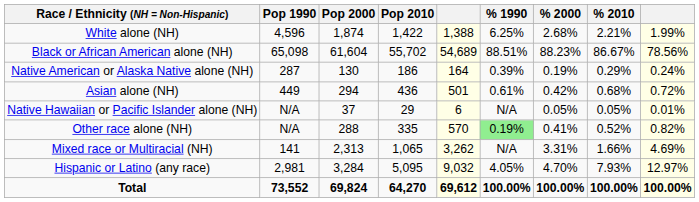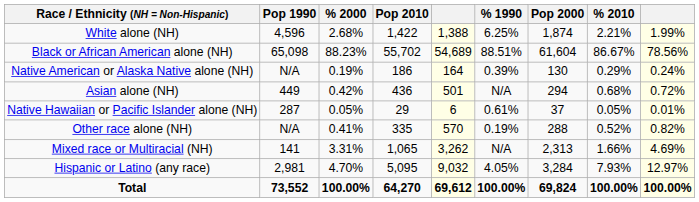 <table class="wikitable" style="text-align:center;">
 <tr>
 <th>Race / Ethnicity <small>(<em>NH = Non-Hispanic</em>)</small></th>
 <th>Pop 1990</th>
-<th>Pop 2000</th>
+<th>% 2000</th>
 <th>Pop 2010</th>
 <th></th>
 <th>% 1990</th>
-<th>% 2000</th>
+<th>Pop 2000</th>
 <th>% 2010</th>
 <th></th>
 </tr>
 <tr>
 <td><a href='#'>White</a> alone (NH)</td>
 <td>4,596</td>
-<td>1,874</td>
+<td>2.68%</td>
 <td>1,422</td>
 <td style='background: #ffffe6;'>1,388</td>
 <td>6.25%</td>
-<td>2.68%</td>
+<td>1,874</td>
 <td>2.21%</td>
 <td style='background: #ffffe6;'>1.99%</td>
 </tr>
 <tr>
 <td><a href='#'>Black or African American</a> alone (NH)</td>
 <td>65,098</td>
-<td>61,604</td>
+<td>88.23%</td>
 <td>55,702</td>
 <td style='background: #ffffe6;'>54,689</td>
 <td>88.51%</td>
-<td>88.23%</td>
+<td>61,604</td>
 <td>86.67%</td>
 <td style='background: #ffffe6;'>78.56%</td>
 </tr>
 <tr>
 <td><a href='#'>Native American</a> or <a href='#'>Alaska Native</a> alone (NH)</td>
-<td>287</td>
-<td>130</td>
+<td>N/A</td>
+<td>0.19%</td>
 <td>186</td>
 <td style='background: #ffffe6;'>164</td>
 <td>0.39%</td>
-<td>0.19%</td>
+<td>130</td>
 <td>0.29%</td>
 <td style='background: #ffffe6;'>0.24%</td>
 </tr>
 <tr>
 <td><a href='#'>Asian</a> alone (NH)</td>
 <td>449</td>
-<td>294</td>
+<td>0.42%</td>
 <td>436</td>
 <td style='background: #ffffe6;'>501</td>
-<td>0.61%</td>
-<td>0.42%</td>
+<td>N/A</td>
+<td>294</td>
 <td>0.68%</td>
 <td style='background: #ffffe6;'>0.72%</td>
 </tr>
 <tr>
 <td><a href='#'>Native Hawaiian</a> or <a href='#'>Pacific Islander</a> alone (NH)</td>
-<td>N/A</td>
-<td>37</td>
+<td>287</td>
+<td>0.05%</td>
 <td>29</td>
 <td style='background: #ffffe6;'>6</td>
-<td>N/A</td>
-<td>0.05%</td>
+<td>0.61%</td>
+<td>37</td>
 <td>0.05%</td>
 <td style='background: #ffffe6;'>0.01%</td>
 </tr>
 <tr>
 <td><a href='#'>Other race</a> alone (NH)</td>
 <td>N/A</td>
-<td>288</td>
+<td>0.41%</td>
 <td>335</td>
 <td style='background: #ffffe6;'>570</td>
-<td style="background: lightgreen;">0.19%</td>
-<td>0.41%</td>
+<td>0.19%</td>
+<td>288</td>
 <td>0.52%</td>
 <td style='background: #ffffe6;'>0.82%</td>
 </tr>
 <tr>
 <td><a href='#'>Mixed race or Multiracial</a> (NH)</td>
 <td>141</td>
-<td>2,313</td>
+<td>3.31%</td>
 <td>1,065</td>
 <td style='background: #ffffe6;'>3,262</td>
 <td>N/A</td>
-<td>3.31%</td>
+<td>2,313</td>
 <td>1.66%</td>
 <td style='background: #ffffe6;'>4.69%</td>
 </tr>
 <tr>
 <td><a href='#'>Hispanic or Latino</a> (any race)</td>
 <td>2,981</td>
-<td>3,284</td>
+<td>4.70%</td>
 <td>5,095</td>
 <td style='background: #ffffe6;'>9,032</td>
 <td>4.05%</td>
-<td>4.70%</td>
+<td>3,284</td>
 <td>7.93%</td>
 <td style='background: #ffffe6;'>12.97%</td>
 </tr>
 <tr>
 <td><strong>Total</strong></td>
 <td><strong>73,552</strong></td>
-<td><strong>69,824</strong></td>
+<td><strong>100.00%</strong></td>
 <td><strong>64,270</strong></td>
 <td style='background: #ffffe6;'><strong>69,612</strong></td>
 <td><strong>100.00%</strong></td>
-<td><strong>100.00%</strong></td>
+<td><strong>69,824</strong></td>
 <td><strong>100.00%</strong></td>
 <td style='background: #ffffe6;'><strong>100.00%</strong></td>
 </tr>
 </table>
